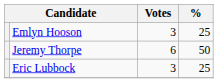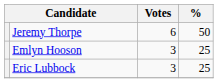 <table class="wikitable">
 <tr>
 <th colspan="2" style="width: 170px">Candidate</th>
 <th style="width: 50px">Votes</th>
 <th style="width: 40px">%</th>
 </tr>
 <tr>
 <th style="background-color: "></th>
+<td style="width: 170px"><a href='#'>Jeremy Thorpe</a> </td>
+<td align="right">6</td>
+<td align="right">50</td>
+</tr>
+<tr>
+<th style="background-color: "></th>
 <td style="width: 170px"><a href='#'>Emlyn Hooson</a></td>
 <td align="right">3</td>
 <td align="right">25</td>
-</tr>
-<tr>
-<th style="background-color: "></th>
-<td style="width: 170px"><a href='#'>Jeremy Thorpe</a> </td>
-<td align="right">6</td>
-<td align="right">50</td>
 </tr>
 <tr>
 <th style="background-color: "></th>
 <td style="width: 170px"><a href='#'>Eric Lubbock</a></td>
 <td align="right">3</td>
 <td align="right">25</td>
 </tr>
 <tr>
 </tr>
 </table>
